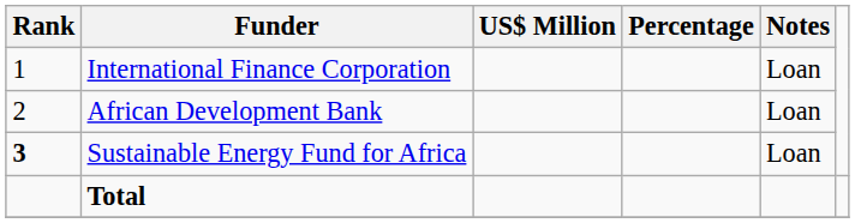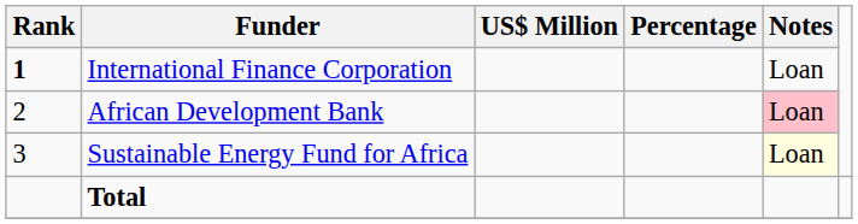 <table class="wikitable sortable" style="margin: 0.5em auto">
 <tr>
 <th>Rank</th>
 <th>Funder</th>
 <th>US$ Million</th>
 <th>Percentage</th>
 <th>Notes</th>
 </tr>
 <tr>
-<td>1</td>
+<td><strong>1</strong></td>
 <td><a href='#'>International Finance Corporation</a></td>
 <td></td>
 <td></td>
 <td>Loan</td>
 </tr>
 <tr>
 <td>2</td>
 <td><a href='#'>African Development Bank</a></td>
 <td></td>
 <td></td>
-<td>Loan</td>
+<td style="background: pink;">Loan</td>
 </tr>
 <tr>
-<td><strong>3</strong></td>
+<td>3</td>
 <td><a href='#'>Sustainable Energy Fund for Africa</a></td>
 <td></td>
 <td></td>
-<td>Loan</td>
+<td style="background: lightyellow;">Loan</td>
 </tr>
 <tr>
 <td></td>
 <td><strong>Total</strong></td>
 <td><strong></strong></td>
 <td></td>
 <td></td>
 <td></td>
 </tr>
 <tr>
 </tr>
 </table>
